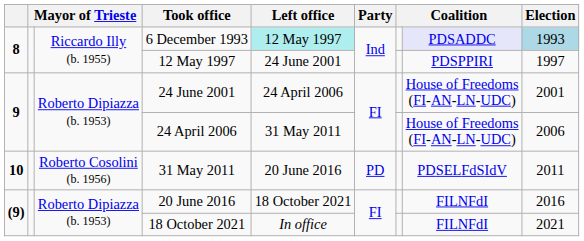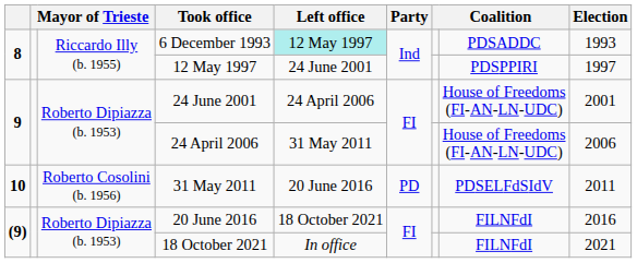 <table class="wikitable" style="text-align: center;">
 <tr>
 <th><br></th>
 <th colspan="2">Mayor of <a href='#'>Trieste</a></th>
 <th>Took office</th>
 <th>Left office</th>
 <th>Party</th>
 <th colspan="2">Coalition</th>
 <th>Election</th>
 </tr>
 <tr>
 <td rowspan="2" style="background: "><strong>8</strong></td>
 <td rowspan="2"></td>
 <td rowspan="2"><a href='#'>Riccardo Illy</a> <br><small>(b. 1955)</small></td>
 <td>6 December 1993</td>
 <td style="background: paleturquoise;">12 May 1997</td>
 <td rowspan="2"><a href='#'>Ind</a></td>
 <td style="background: "></td>
-<td style="background: lavender;"><a href='#'>PDS</a><a href='#'>AD</a><a href='#'>DC</a></td>
-<td style="background: lightblue;">1993</td>
+<td><a href='#'>PDS</a><a href='#'>AD</a><a href='#'>DC</a></td>
+<td>1993</td>
 </tr>
 <tr>
 <td>12 May 1997</td>
 <td>24 June 2001</td>
 <td style="background: "></td>
 <td><a href='#'>PDS</a><a href='#'>PPI</a><a href='#'>RI</a></td>
 <td>1997</td>
 </tr>
 <tr>
 <td rowspan="2" style="background:"><strong>9</strong></td>
 <td rowspan="2"></td>
 <td rowspan="2"><a href='#'>Roberto Dipiazza</a> <br><small>(b. 1953)</small></td>
 <td>24 June 2001</td>
 <td>24 April 2006</td>
 <td rowspan="2"><a href='#'>FI</a></td>
 <td style="background: "></td>
 <td><a href='#'>House of Freedoms</a><br>(<a href='#'>FI</a>-<a href='#'>AN</a>-<a href='#'>LN</a>-<a href='#'>UDC</a>)</td>
 <td>2001</td>
 </tr>
 <tr>
 <td>24 April 2006</td>
 <td>31 May 2011</td>
 <td style="background: "></td>
 <td><a href='#'>House of Freedoms</a><br>(<a href='#'>FI</a>-<a href='#'>AN</a>-<a href='#'>LN</a>-<a href='#'>UDC</a>)</td>
 <td>2006</td>
 </tr>
 <tr>
 <td rowspan="1" style="background: "><strong>10</strong></td>
 <td rowspan="1"></td>
 <td rowspan="1"><a href='#'>Roberto Cosolini</a> <br><small>(b. 1956)</small></td>
 <td rowspan="1">31 May 2011</td>
 <td rowspan="1">20 June 2016</td>
 <td rowspan="1"><a href='#'>PD</a></td>
 <td style="background: "></td>
 <td><a href='#'>PD</a><a href='#'>SEL</a><a href='#'>FdS</a><a href='#'>IdV</a></td>
 <td>2011</td>
 </tr>
 <tr>
 <td rowspan="2" style="background:"><strong>(9)</strong></td>
 <td rowspan="2"></td>
 <td rowspan="2"><a href='#'>Roberto Dipiazza</a> <br><small>(b. 1953)</small></td>
 <td>20 June 2016</td>
 <td>18 October 2021</td>
 <td rowspan="2"><a href='#'>FI</a></td>
 <td style="background: "></td>
 <td><a href='#'>FI</a><a href='#'>LN</a><a href='#'>FdI</a></td>
 <td>2016</td>
 </tr>
 <tr>
 <td>18 October 2021</td>
 <td><em>In office</em></td>
 <td style="background: "></td>
 <td><a href='#'>FI</a><a href='#'>LN</a><a href='#'>FdI</a></td>
 <td>2021</td>
 </tr>
 </table>
